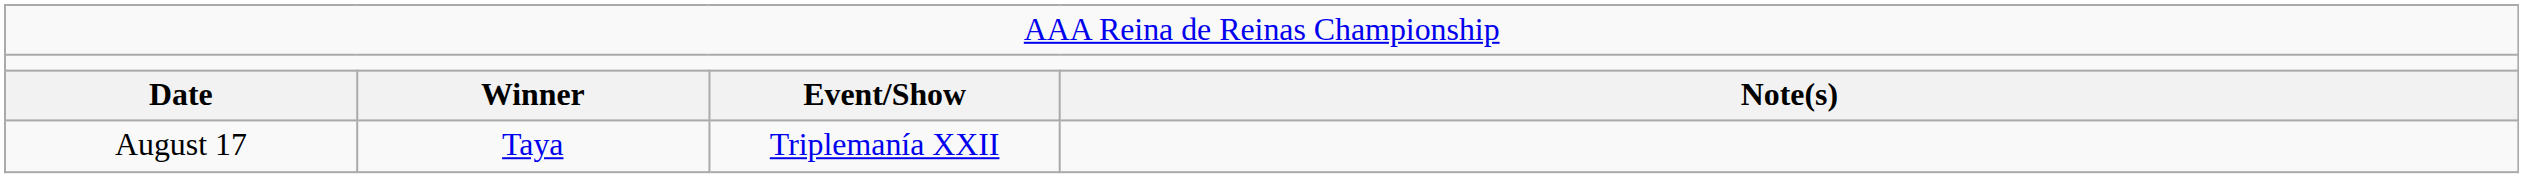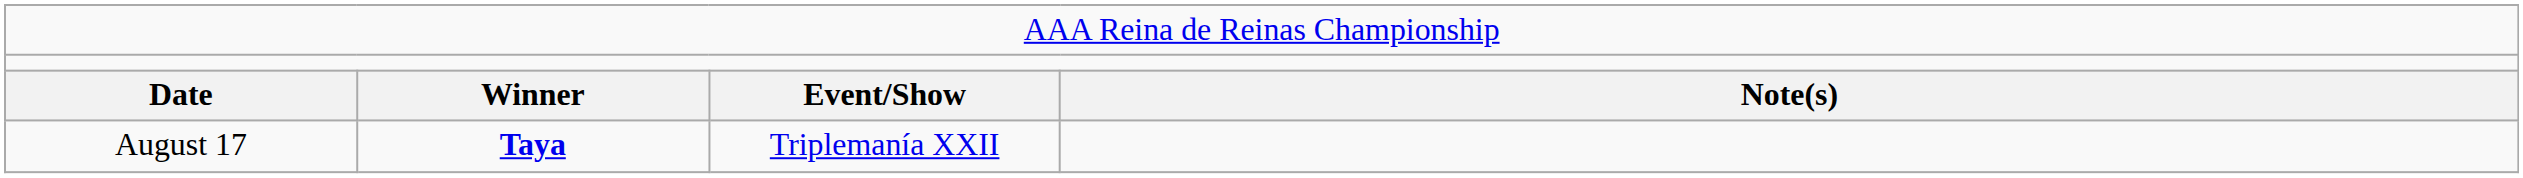 <table class="wikitable" style="text-align:center; width:100%;">
 <tr>
 <td colspan="5"><a href='#'>AAA Reina de Reinas Championship</a></td>
 </tr>
 <tr>
 <td colspan="5"><strong></strong></td>
 </tr>
 <tr>
 <th width="14%">Date</th>
 <th width="14%">Winner</th>
 <th width="14%">Event/Show</th>
 <th width="58%">Note(s)</th>
 </tr>
 <tr>
 <td>August 17</td>
-<td><a href='#'>Taya</a></td>
+<td><strong><a href='#'>Taya</a></strong></td>
 <td><a href='#'>Triplemanía XXII</a></td>
 <td align="left"></td>
 </tr>
 </table>
